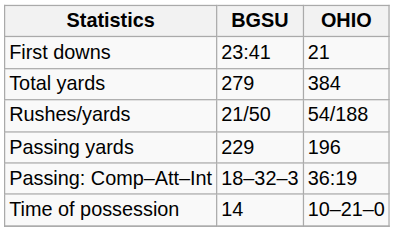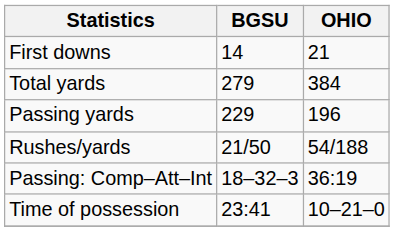 <table class="wikitable" style="float: left;">
 <tr>
 <th>Statistics</th>
 <th>BGSU</th>
 <th>OHIO</th>
 </tr>
 <tr>
 <td>First downs</td>
-<td>23:41</td>
+<td>14</td>
 <td>21</td>
 </tr>
 <tr>
 <td>Total yards</td>
 <td>279</td>
 <td>384</td>
 </tr>
 <tr>
+<td>Passing yards</td>
+<td>229</td>
+<td>196</td>
+</tr>
+<tr>
 <td>Rushes/yards</td>
 <td>21/50</td>
 <td>54/188</td>
-</tr>
-<tr>
-<td>Passing yards</td>
-<td>229</td>
-<td>196</td>
 </tr>
 <tr>
 <td>Passing: Comp–Att–Int</td>
 <td>18–32–3</td>
 <td>36:19</td>
 </tr>
 <tr>
 <td>Time of possession</td>
-<td>14</td>
+<td>23:41</td>
 <td>10–21–0</td>
 </tr>
 <tr>
 </tr>
 </table>
